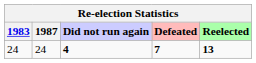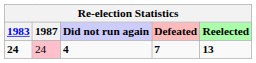 <table class=wikitable>
 <tr>
 <th colspan=5 align=center>Re-election Statistics</th>
 </tr>
 <tr>
 <th><a href='#'>1983</a></th>
 <th>1987</th>
 <td bgcolor="#ccccff"><strong>Did not run again</strong></td>
 <td bgcolor="#ffbbbb"><strong>Defeated</strong></td>
 <td bgcolor="#aaffaa"><strong>Reelected</strong></td>
 </tr>
 <tr>
-<td>24</td>
-<td>24</td>
+<td><strong>24</strong></td>
+<td style="background: pink;">24</td>
 <td><strong>4</strong></td>
 <td><strong>7</strong></td>
 <td><strong>13</strong></td>
 </tr>
 </table>
